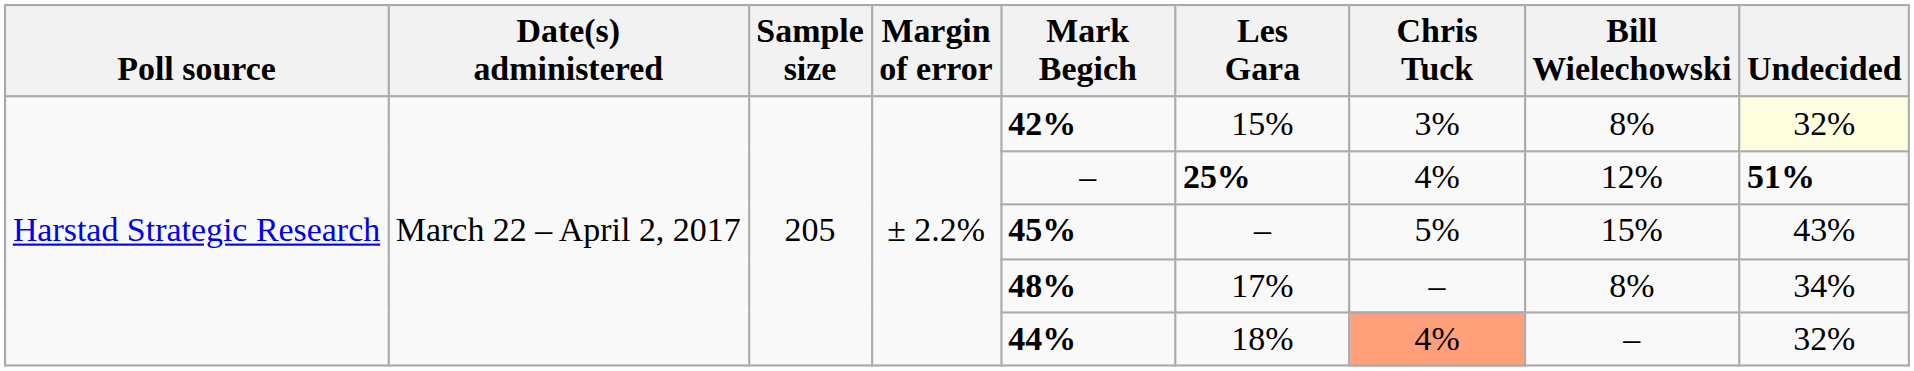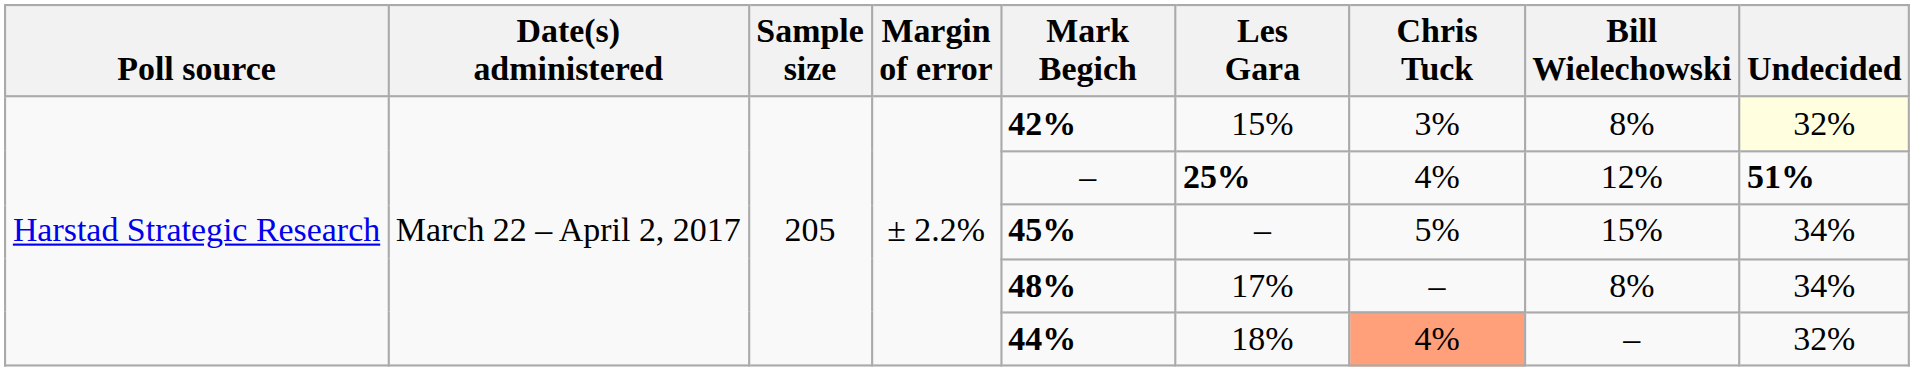 <table class="wikitable">
 <tr valign=bottom>
 <th>Poll source</th>
 <th>Date(s)<br>administered</th>
 <th>Sample<br>size</th>
 <th>Margin<br>of error</th>
 <th style="width:75px;">Mark<br>Begich</th>
 <th style="width:75px;">Les<br>Gara</th>
 <th style="width:75px;">Chris<br>Tuck</th>
 <th style="width:75px;">Bill<br>Wielechowski</th>
 <th>Undecided</th>
 </tr>
 <tr>
 <td rowspan=5><a href='#'>Harstad Strategic Research</a></td>
 <td align=center rowspan=5>March 22 – April 2, 2017</td>
 <td align=center rowspan=5>205</td>
 <td align=center rowspan=5>± 2.2%</td>
 <td><strong>42%</strong></td>
 <td align=center>15%</td>
 <td align=center>3%</td>
 <td align=center>8%</td>
 <td align=center style="background: lightyellow;">32%</td>
 </tr>
 <tr>
 <td align=center>–</td>
 <td><strong>25%</strong></td>
 <td align=center>4%</td>
 <td align=center>12%</td>
 <td><strong>51%</strong></td>
 </tr>
 <tr>
 <td><strong>45%</strong></td>
 <td align=center>–</td>
 <td align=center>5%</td>
 <td align=center>15%</td>
-<td align=center>43%</td>
+<td align=center>34%</td>
 </tr>
 <tr>
 <td><strong>48%</strong></td>
 <td align=center>17%</td>
 <td align=center>–</td>
 <td align=center>8%</td>
 <td align=center>34%</td>
 </tr>
 <tr>
 <td><strong>44%</strong></td>
 <td align=center>18%</td>
 <td align=center style="background: lightsalmon;">4%</td>
 <td align=center>–</td>
 <td align=center>32%</td>
 </tr>
 </table>
